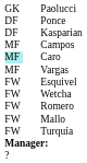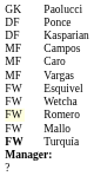 <table style="font-size:90%; margin:0.2em auto;" cellspacing="0" cellpadding="0">
 <tr>
 <th width="25"></th>
 <th width="25"></th>
 </tr>
 <tr>
 <td>GK</td>
 <td></td>
 <td> Paolucci</td>
 </tr>
 <tr>
 <td>DF</td>
 <td></td>
 <td> Ponce</td>
 </tr>
 <tr>
 <td>DF</td>
 <td></td>
 <td> Kasparian</td>
 </tr>
 <tr>
 <td>MF</td>
 <td></td>
 <td> Campos</td>
 </tr>
 <tr>
-<td style="background: paleturquoise;">MF</td>
+<td>MF</td>
 <td></td>
 <td> Caro</td>
 </tr>
 <tr>
 <td>MF</td>
 <td></td>
 <td> Vargas</td>
 </tr>
 <tr>
 <td>FW</td>
 <td></td>
 <td> Esquivel</td>
 </tr>
 <tr>
 <td>FW</td>
 <td></td>
 <td> Wetcha</td>
 </tr>
 <tr>
-<td>FW</td>
+<td style="background: lightyellow;">FW</td>
 <td></td>
 <td> Romero</td>
 </tr>
 <tr>
 <td>FW</td>
 <td></td>
 <td> Mallo</td>
 </tr>
 <tr>
-<td>FW</td>
+<td><strong>FW</strong></td>
 <td></td>
 <td> Turquía</td>
 </tr>
 <tr>
 <td colspan=3><strong>Manager:</strong></td>
 </tr>
 <tr>
 <td colspan=4> ?</td>
 </tr>
 </table>
